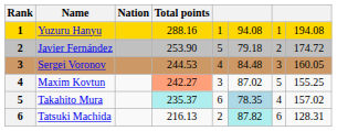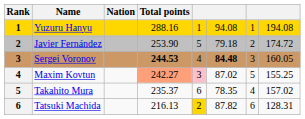 <table class="wikitable sortable">
 <tr>
 <th>Rank</th>
 <th>Name</th>
 <th>Nation</th>
 <th>Total points</th>
 <th colspan="2" width="80px"></th>
 <th colspan="2" width="80px"></th>
 </tr>
 <tr bgcolor="gold">
 <td align="center"><strong>1</strong></td>
 <td><a href='#'>Yuzuru Hanyu</a></td>
 <td></td>
 <td align="center">288.16</td>
 <td align="center">1</td>
 <td align="center">94.08</td>
 <td align="center">1</td>
 <td align="center">194.08</td>
 </tr>
 <tr bgcolor="silver">
 <td align="center"><strong>2</strong></td>
 <td><a href='#'>Javier Fernández</a></td>
 <td></td>
 <td align="center">253.90</td>
 <td align="center">5</td>
 <td align="center">79.18</td>
 <td align="center">2</td>
 <td align="center">174.72</td>
 </tr>
 <tr bgcolor="cc9966">
 <td align="center"><strong>3</strong></td>
 <td><a href='#'>Sergei Voronov</a></td>
 <td></td>
-<td align="center">244.53</td>
+<td align="center"><strong>244.53</strong></td>
 <td align="center">4</td>
-<td align="center">84.48</td>
+<td align="center"><strong>84.48</strong></td>
 <td align="center">3</td>
 <td align="center">160.05</td>
 </tr>
 <tr>
 <th>4</th>
 <td><a href='#'>Maxim Kovtun</a></td>
 <td></td>
 <td align="center" style="background: lightsalmon;">242.27</td>
-<td align="center">3</td>
+<td align="center" style="background: pink;">3</td>
 <td align="center">87.02</td>
 <td align="center">5</td>
 <td align="center">155.25</td>
 </tr>
 <tr>
 <th>5</th>
 <td><a href='#'>Takahito Mura</a></td>
 <td></td>
-<td align="center" style="background: paleturquoise;">235.37</td>
+<td align="center">235.37</td>
 <td align="center">6</td>
-<td align="center" style="background: lightblue;">78.35</td>
+<td align="center">78.35</td>
 <td align="center">4</td>
 <td align="center">157.02</td>
 </tr>
 <tr>
 <th>6</th>
 <td><a href='#'>Tatsuki Machida</a></td>
 <td></td>
 <td align="center">216.13</td>
-<td align="center">2</td>
-<td align="center" style="background: paleturquoise;">87.82</td>
+<td align="center" style="background: gold;">2</td>
+<td align="center">87.82</td>
 <td align="center">6</td>
 <td align="center">128.31</td>
 </tr>
 </table>
